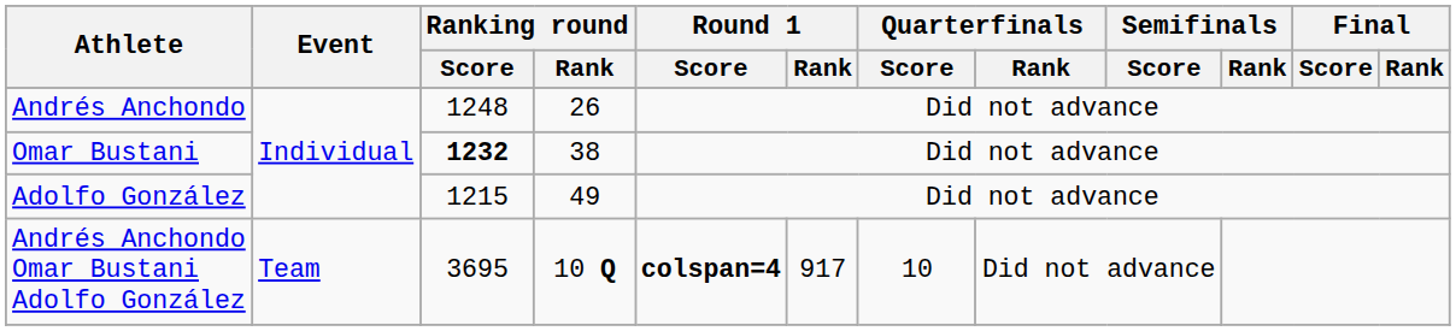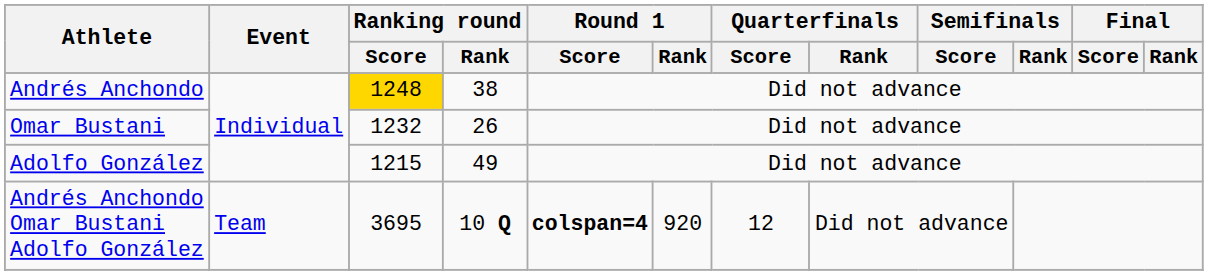 <table class="wikitable" style="font-size:90%">
 <tr>
 <th rowspan=2>Athlete</th>
 <th rowspan=2>Event</th>
 <th colspan="2">Ranking round</th>
 <th colspan="2">Round 1</th>
 <th colspan="2">Quarterfinals</th>
 <th colspan="2">Semifinals</th>
 <th colspan="2">Final</th>
 </tr>
 <tr style="font-size:95%">
 <th>Score</th>
 <th>Rank</th>
 <th>Score</th>
 <th>Rank</th>
 <th>Score</th>
 <th>Rank</th>
 <th>Score</th>
 <th>Rank</th>
 <th>Score</th>
 <th>Rank</th>
 </tr>
 <tr align=center>
 <td align=left><a href='#'>Andrés Anchondo</a></td>
 <td align=left rowspan=3><a href='#'>Individual</a></td>
-<td>1248</td>
-<td>26</td>
+<td style="background: gold;">1248</td>
+<td>38</td>
 <td colspan=8>Did not advance</td>
 </tr>
 <tr align=center>
 <td align=left><a href='#'>Omar Bustani</a></td>
-<td><strong>1232</strong></td>
-<td>38</td>
+<td>1232</td>
+<td>26</td>
 <td colspan=8>Did not advance</td>
 </tr>
 <tr align=center>
 <td align=left><a href='#'>Adolfo González</a></td>
 <td>1215</td>
 <td>49</td>
 <td colspan=8>Did not advance</td>
 </tr>
 <tr align=center>
 <td align=left><a href='#'>Andrés Anchondo</a><br><a href='#'>Omar Bustani</a><br><a href='#'>Adolfo González</a></td>
 <td align=left><a href='#'>Team</a></td>
 <td>3695</td>
 <td>10 <strong>Q</strong></td>
 <td><strong>colspan=4</strong></td>
-<td>917</td>
-<td>10</td>
+<td>920</td>
+<td>12</td>
 <td colspan=2>Did not advance</td>
 </tr>
 </table>
